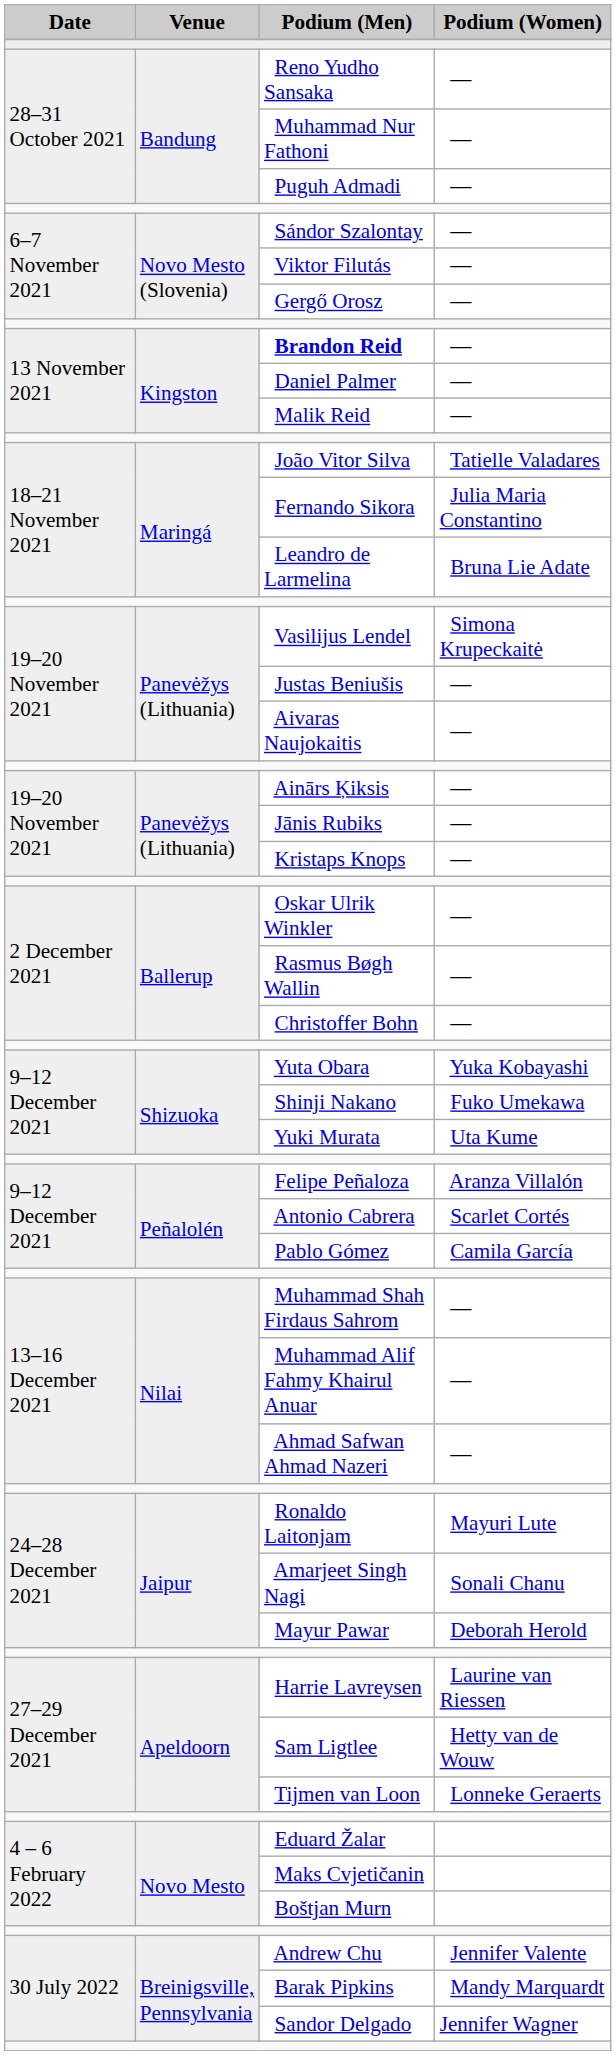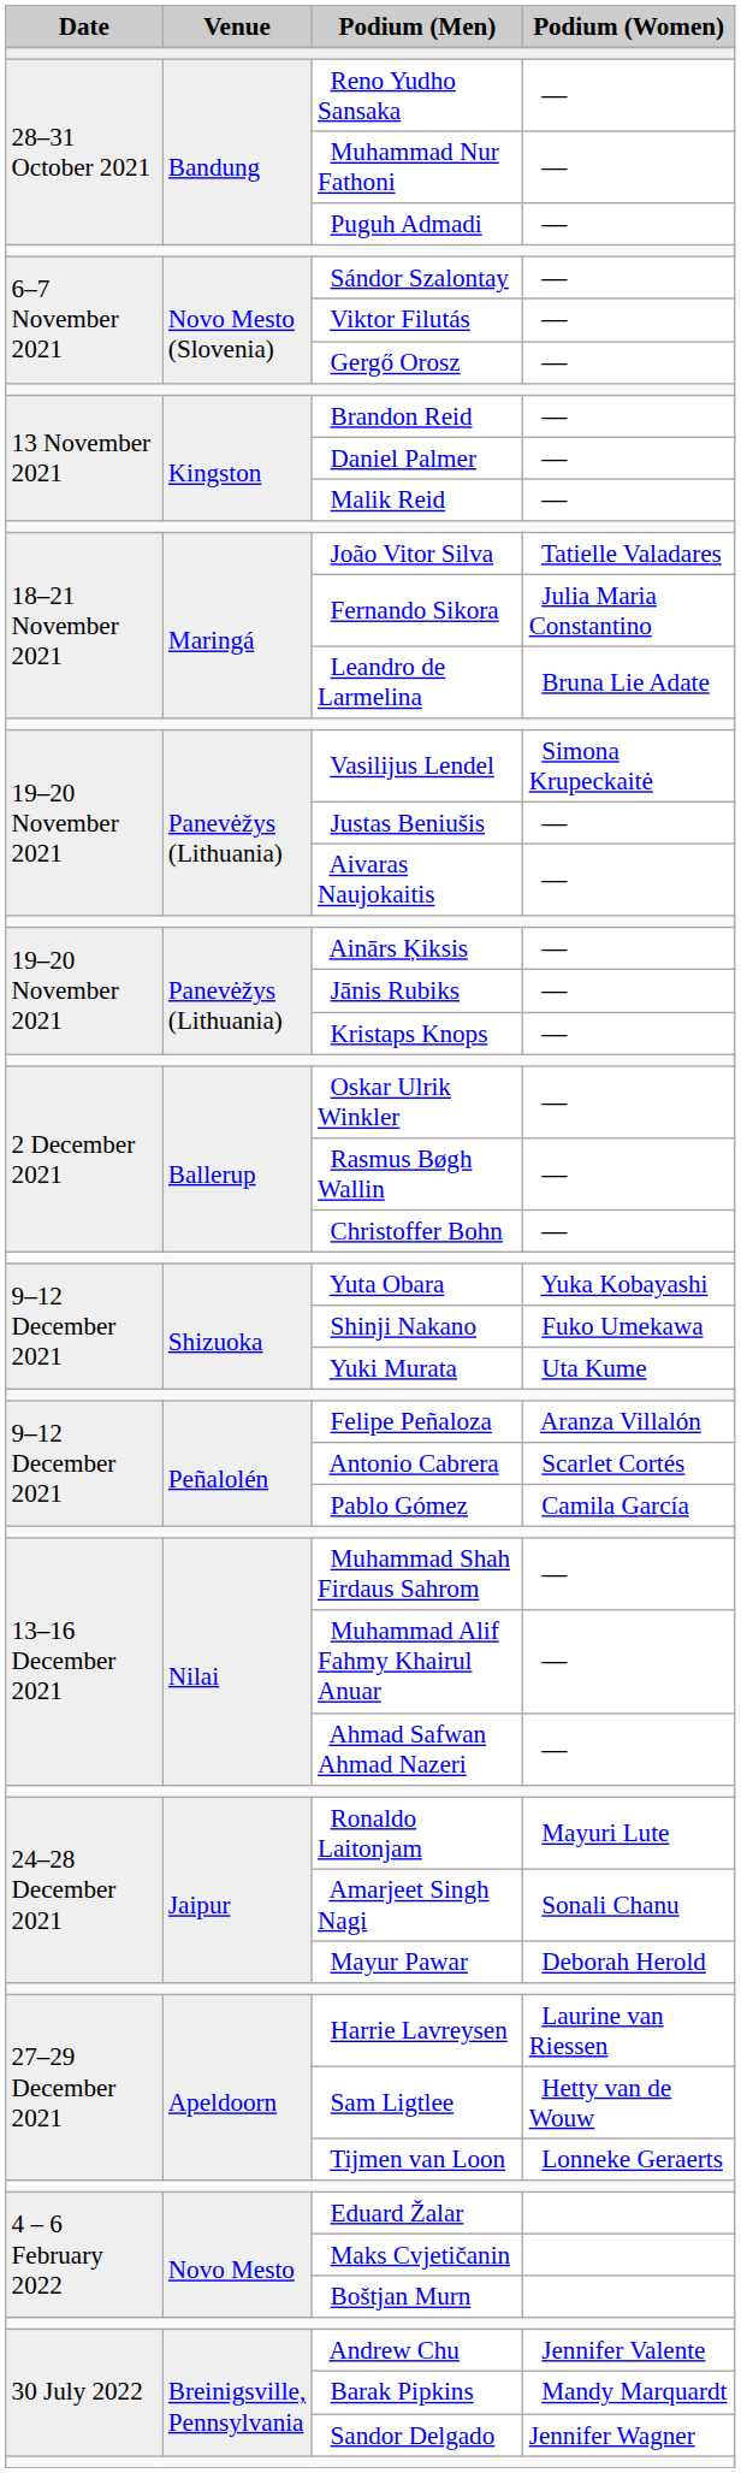 <table class="wikitable" width=70% bgcolor="#f7f8ff" cellpadding="3" cellspacing="0" border="1" style="font-size: 95%; border: gray solid 1px; border-collapse: collapse;">
 <tr bgcolor="#CCCCCC">
 <td align="center"><strong>Date</strong></td>
 <td width=20% align="center"><strong>Venue</strong></td>
 <td width=29% align="center"><strong>Podium (Men)</strong></td>
 <td width=29% align="center"><strong>Podium (Women)</strong></td>
 </tr>
 <tr bgcolor="#EFEFEF">
 </tr>
 <tr>
 </tr>
 <tr bgcolor="#EFEFEF">
 <td colspan=4></td>
 </tr>
 <tr bgcolor="#EFEFEF">
 <td rowspan=3>28–31 October 2021</td>
 <td rowspan=3><br><a href='#'>Bandung</a></td>
 <td bgcolor="#ffffff">   <a href='#'>Reno Yudho Sansaka</a></td>
 <td bgcolor="#ffffff">   —</td>
 </tr>
 <tr>
 <td bgcolor="#ffffff">   <a href='#'>Muhammad Nur Fathoni</a></td>
 <td bgcolor="#ffffff">   —</td>
 </tr>
 <tr>
 <td bgcolor="#ffffff">   <a href='#'>Puguh Admadi</a></td>
 <td bgcolor="#ffffff">   —</td>
 </tr>
 <tr>
 <td colspan=4></td>
 </tr>
 <tr bgcolor="#EFEFEF">
 <td rowspan=3>6–7 November 2021</td>
 <td rowspan=3><br><a href='#'>Novo Mesto</a> (Slovenia)</td>
 <td bgcolor="#ffffff">   <a href='#'>Sándor Szalontay</a></td>
 <td bgcolor="#ffffff">   —</td>
 </tr>
 <tr>
 <td bgcolor="#ffffff">   <a href='#'>Viktor Filutás</a></td>
 <td bgcolor="#ffffff">   —</td>
 </tr>
 <tr>
 <td bgcolor="#ffffff">   <a href='#'>Gergő Orosz</a></td>
 <td bgcolor="#ffffff">   —</td>
 </tr>
 <tr>
 <td colspan=4></td>
 </tr>
 <tr bgcolor="#EFEFEF">
 <td rowspan=3>13 November 2021</td>
 <td rowspan=3><br><a href='#'>Kingston</a></td>
-<td bgcolor="#ffffff"><strong>   <a href='#'>Brandon Reid</a></strong></td>
+<td bgcolor="#ffffff">   <a href='#'>Brandon Reid</a></td>
 <td bgcolor="#ffffff">   —</td>
 </tr>
 <tr>
 <td bgcolor="#ffffff">   <a href='#'>Daniel Palmer</a></td>
 <td bgcolor="#ffffff">   —</td>
 </tr>
 <tr>
 <td bgcolor="#ffffff">   <a href='#'>Malik Reid</a></td>
 <td bgcolor="#ffffff">   —</td>
 </tr>
 <tr>
 <td colspan=4></td>
 </tr>
 <tr bgcolor="#EFEFEF">
 <td rowspan=3>18–21 November 2021</td>
 <td rowspan=3><br><a href='#'>Maringá</a></td>
 <td bgcolor="#ffffff">   <a href='#'>João Vitor Silva</a></td>
 <td bgcolor="#ffffff">   <a href='#'>Tatielle Valadares</a></td>
 </tr>
 <tr>
 <td bgcolor="#ffffff">   <a href='#'>Fernando Sikora</a></td>
 <td bgcolor="#ffffff">   <a href='#'>Julia Maria Constantino</a></td>
 </tr>
 <tr>
 <td bgcolor="#ffffff">   <a href='#'>Leandro de Larmelina</a></td>
 <td bgcolor="#ffffff">   <a href='#'>Bruna Lie Adate</a></td>
 </tr>
 <tr>
 <td colspan=4></td>
 </tr>
 <tr bgcolor="#EFEFEF">
 <td rowspan=3>19–20 November 2021</td>
 <td rowspan=3><br><a href='#'>Panevėžys</a> (Lithuania)</td>
 <td bgcolor="#ffffff">   <a href='#'>Vasilijus Lendel</a></td>
 <td bgcolor="#ffffff">   <a href='#'>Simona Krupeckaitė</a></td>
 </tr>
 <tr>
 <td bgcolor="#ffffff">   <a href='#'>Justas Beniušis</a></td>
 <td bgcolor="#ffffff">   —</td>
 </tr>
 <tr>
 <td bgcolor="#ffffff">   <a href='#'>Aivaras Naujokaitis</a></td>
 <td bgcolor="#ffffff">   —</td>
 </tr>
 <tr>
 <td colspan=4></td>
 </tr>
 <tr bgcolor="#EFEFEF">
 <td rowspan=3>19–20 November 2021</td>
 <td rowspan=3><br><a href='#'>Panevėžys</a> (Lithuania)</td>
 <td bgcolor="#ffffff">   <a href='#'>Ainārs Ķiksis</a></td>
 <td bgcolor="#ffffff">   —</td>
 </tr>
 <tr>
 <td bgcolor="#ffffff">   <a href='#'>Jānis Rubiks</a></td>
 <td bgcolor="#ffffff">   —</td>
 </tr>
 <tr>
 <td bgcolor="#ffffff">   <a href='#'>Kristaps Knops</a></td>
 <td bgcolor="#ffffff">   —</td>
 </tr>
 <tr>
 <td colspan=4></td>
 </tr>
 <tr bgcolor="#EFEFEF">
 <td rowspan=3>2 December 2021</td>
 <td rowspan=3><br><a href='#'>Ballerup</a></td>
 <td bgcolor="#ffffff">   <a href='#'>Oskar Ulrik Winkler</a></td>
 <td bgcolor="#ffffff">   —</td>
 </tr>
 <tr>
 <td bgcolor="#ffffff">   <a href='#'>Rasmus Bøgh Wallin</a></td>
 <td bgcolor="#ffffff">   —</td>
 </tr>
 <tr>
 <td bgcolor="#ffffff">   <a href='#'>Christoffer Bohn</a></td>
 <td bgcolor="#ffffff">   —</td>
 </tr>
 <tr>
 <td colspan=4></td>
 </tr>
 <tr bgcolor="#EFEFEF">
 <td rowspan=3>9–12 December 2021</td>
 <td rowspan=3><br><a href='#'>Shizuoka</a></td>
 <td bgcolor="#ffffff">   <a href='#'>Yuta Obara</a></td>
 <td bgcolor="#ffffff">   <a href='#'>Yuka Kobayashi</a></td>
 </tr>
 <tr>
 <td bgcolor="#ffffff">   <a href='#'>Shinji Nakano</a></td>
 <td bgcolor="#ffffff">   <a href='#'>Fuko Umekawa</a></td>
 </tr>
 <tr>
 <td bgcolor="#ffffff">   <a href='#'>Yuki Murata</a></td>
 <td bgcolor="#ffffff">   <a href='#'>Uta Kume</a></td>
 </tr>
 <tr>
 <td colspan=4></td>
 </tr>
 <tr bgcolor="#EFEFEF">
 <td rowspan=3>9–12 December 2021</td>
 <td rowspan=3><br><a href='#'>Peñalolén</a></td>
 <td bgcolor="#ffffff">   <a href='#'>Felipe Peñaloza</a></td>
 <td bgcolor="#ffffff">   <a href='#'>Aranza Villalón</a></td>
 </tr>
 <tr>
 <td bgcolor="#ffffff">   <a href='#'>Antonio Cabrera</a></td>
 <td bgcolor="#ffffff">   <a href='#'>Scarlet Cortés</a></td>
 </tr>
 <tr>
 <td bgcolor="#ffffff">   <a href='#'>Pablo Gómez</a></td>
 <td bgcolor="#ffffff">   <a href='#'>Camila García</a></td>
 </tr>
 <tr>
 <td colspan=4></td>
 </tr>
 <tr bgcolor="#EFEFEF">
 <td rowspan=3>13–16 December 2021</td>
 <td rowspan=3><br><a href='#'>Nilai</a></td>
 <td bgcolor="#ffffff">   <a href='#'>Muhammad Shah Firdaus Sahrom</a></td>
 <td bgcolor="#ffffff">   —</td>
 </tr>
 <tr>
 <td bgcolor="#ffffff">   <a href='#'>Muhammad Alif Fahmy Khairul Anuar</a></td>
 <td bgcolor="#ffffff">   —</td>
 </tr>
 <tr>
 <td bgcolor="#ffffff">   <a href='#'>Ahmad Safwan Ahmad Nazeri</a></td>
 <td bgcolor="#ffffff">   —</td>
 </tr>
 <tr>
 <td colspan=4></td>
 </tr>
 <tr bgcolor="#EFEFEF">
 <td rowspan=3>24–28 December 2021</td>
 <td rowspan=3><br><a href='#'>Jaipur</a></td>
 <td bgcolor="#ffffff">   <a href='#'>Ronaldo Laitonjam</a></td>
 <td bgcolor="#ffffff">   <a href='#'>Mayuri Lute</a></td>
 </tr>
 <tr>
 <td bgcolor="#ffffff">   <a href='#'>Amarjeet Singh Nagi</a></td>
 <td bgcolor="#ffffff">   <a href='#'>Sonali Chanu</a></td>
 </tr>
 <tr>
 <td bgcolor="#ffffff">   <a href='#'>Mayur Pawar</a></td>
 <td bgcolor="#ffffff">   <a href='#'>Deborah Herold</a></td>
 </tr>
 <tr>
 <td colspan=4></td>
 </tr>
 <tr bgcolor="#EFEFEF">
 <td rowspan=3>27–29 December 2021</td>
 <td rowspan=3><br><a href='#'>Apeldoorn</a></td>
 <td bgcolor="#ffffff">   <a href='#'>Harrie Lavreysen</a></td>
 <td bgcolor="#ffffff">   <a href='#'>Laurine van Riessen</a></td>
 </tr>
 <tr>
 <td bgcolor="#ffffff">   <a href='#'>Sam Ligtlee</a></td>
 <td bgcolor="#ffffff">   <a href='#'>Hetty van de Wouw</a></td>
 </tr>
 <tr>
 <td bgcolor="#ffffff">   <a href='#'>Tijmen van Loon</a></td>
 <td bgcolor="#ffffff">   <a href='#'>Lonneke Geraerts</a></td>
 </tr>
 <tr>
 <td colspan=4></td>
 </tr>
 <tr bgcolor="#EFEFEF">
 <td rowspan=3>4 – 6 February 2022</td>
 <td rowspan=3><br><a href='#'>Novo Mesto</a></td>
 <td bgcolor="#ffffff">   <a href='#'>Eduard Žalar</a></td>
 <td bgcolor="#ffffff">   <a href='#'></a></td>
 </tr>
 <tr>
 <td bgcolor="#ffffff">   <a href='#'>Maks Cvjetičanin</a></td>
 <td bgcolor="#ffffff">   <a href='#'></a></td>
 </tr>
 <tr>
 <td bgcolor="#ffffff">   <a href='#'>Boštjan Murn</a></td>
 <td bgcolor="#ffffff">   <a href='#'></a></td>
 </tr>
 <tr>
 <td colspan=4></td>
 </tr>
 <tr bgcolor="#EFEFEF">
 <td rowspan="3">30 July 2022</td>
 <td rowspan="3"><br><a href='#'>Breinigsville, Pennsylvania</a></td>
 <td bgcolor="#ffffff">   <a href='#'>Andrew Chu</a></td>
 <td bgcolor="#ffffff">   <a href='#'>Jennifer Valente</a></td>
 </tr>
 <tr>
 <td bgcolor="#ffffff">   <a href='#'>Barak Pipkins</a></td>
 <td bgcolor="#ffffff">   <a href='#'>Mandy Marquardt</a></td>
 </tr>
 <tr>
 <td bgcolor="#ffffff">   <a href='#'>Sandor Delgado</a></td>
 <td bgcolor="#ffffff">  <a href='#'>Jennifer Wagner</a></td>
 </tr>
 <tr>
 <td colspan=4></td>
 </tr>
 </table>
